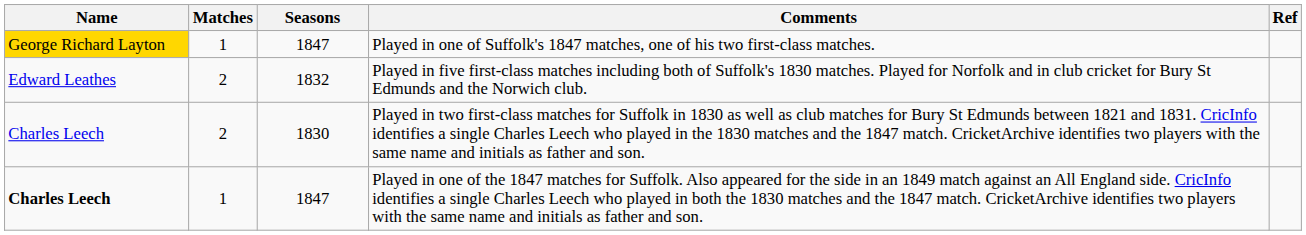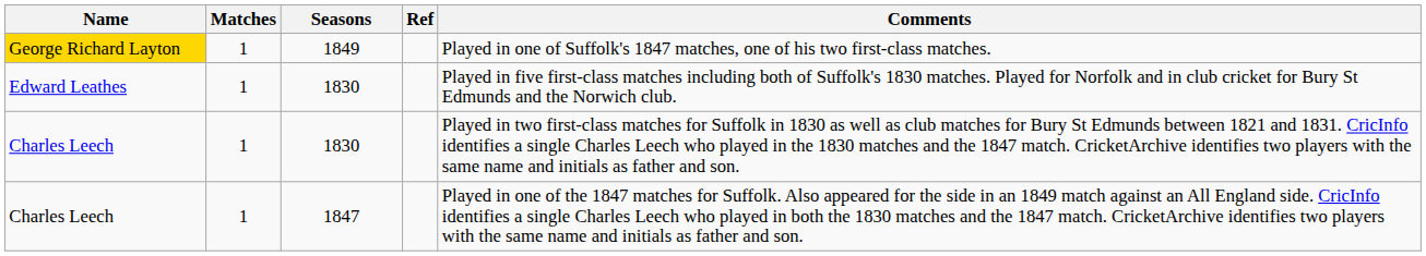 <table class="wikitable">
 <tr>
 <th style="width:170px">Name</th>
 <th>Matches</th>
 <th style="width: 100px">Seasons</th>
+<th>Ref</th>
 <th>Comments</th>
-<th>Ref</th>
 </tr>
 <tr>
 <td style="background: gold;">George Richard Layton</td>
 <td align=center>1</td>
-<td align=center>1847</td>
+<td align=center>1849</td>
+<td></td>
 <td>Played in one of Suffolk's 1847 matches, one of his two first-class matches.</td>
-<td></td>
 </tr>
 <tr>
 <td><a href='#'>Edward Leathes</a></td>
-<td align=center>2</td>
-<td align=center>1832</td>
+<td align=center>1</td>
+<td align=center>1830</td>
+<td></td>
 <td>Played in five first-class matches including both of Suffolk's 1830 matches. Played for Norfolk and in club cricket for Bury St Edmunds and the Norwich club.</td>
-<td></td>
 </tr>
 <tr>
 <td><a href='#'>Charles Leech</a></td>
-<td align=center>2</td>
+<td align=center>1</td>
 <td align=center>1830</td>
+<td></td>
 <td>Played in two first-class matches for Suffolk in 1830 as well as club matches for Bury St Edmunds between 1821 and 1831. <a href='#'>CricInfo</a> identifies a single Charles Leech who played in the 1830 matches and the 1847 match. CricketArchive identifies two players with the same name and initials as father and son.</td>
-<td></td>
 </tr>
 <tr>
-<td><strong>Charles Leech</strong></td>
+<td>Charles Leech</td>
 <td align=center>1</td>
 <td align=center>1847</td>
+<td></td>
 <td>Played in one of the 1847 matches for Suffolk. Also appeared for the side in an 1849 match against an All England side. <a href='#'>CricInfo</a> identifies a single Charles Leech who played in both the 1830 matches and the 1847 match. CricketArchive identifies two players with the same name and initials as father and son.</td>
-<td></td>
 </tr>
 </table>
